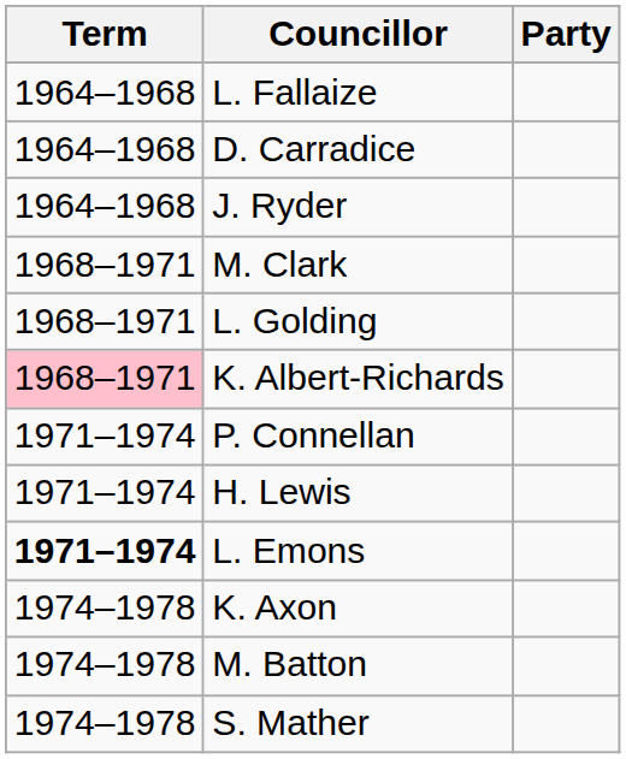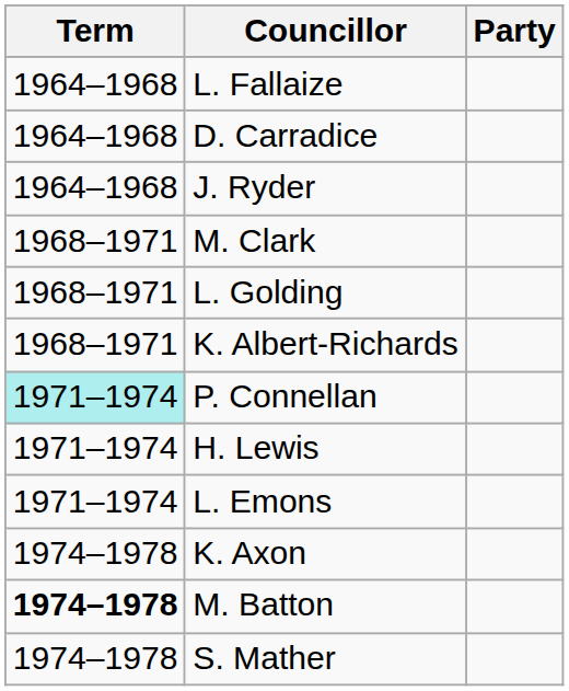 <table class="wikitable">
 <tr>
 <th>Term</th>
 <th>Councillor</th>
 <th colspan=2>Party</th>
 </tr>
 <tr>
 <td>1964–1968</td>
 <td>L. Fallaize</td>
 <td></td>
 </tr>
 <tr>
 <td>1964–1968</td>
 <td>D. Carradice</td>
 <td></td>
 </tr>
 <tr>
 <td>1964–1968</td>
 <td>J. Ryder</td>
 <td></td>
 </tr>
 <tr>
 <td>1968–1971</td>
 <td>M. Clark</td>
 <td></td>
 </tr>
 <tr>
 <td>1968–1971</td>
 <td>L. Golding</td>
 <td></td>
 </tr>
 <tr>
-<td style="background: pink;">1968–1971</td>
+<td>1968–1971</td>
 <td>K. Albert-Richards</td>
 <td></td>
 </tr>
 <tr>
-<td>1971–1974</td>
+<td style="background: paleturquoise;">1971–1974</td>
 <td>P. Connellan</td>
 <td></td>
 </tr>
 <tr>
 <td>1971–1974</td>
 <td>H. Lewis</td>
 <td></td>
 </tr>
 <tr>
-<td><strong>1971–1974</strong></td>
+<td>1971–1974</td>
 <td>L. Emons</td>
 <td></td>
 </tr>
 <tr>
 <td>1974–1978</td>
 <td>K. Axon</td>
 <td></td>
 </tr>
 <tr>
-<td>1974–1978</td>
+<td><strong>1974–1978</strong></td>
 <td>M. Batton</td>
 <td></td>
 </tr>
 <tr>
 <td>1974–1978</td>
 <td>S. Mather</td>
 <td></td>
 </tr>
 </table>
